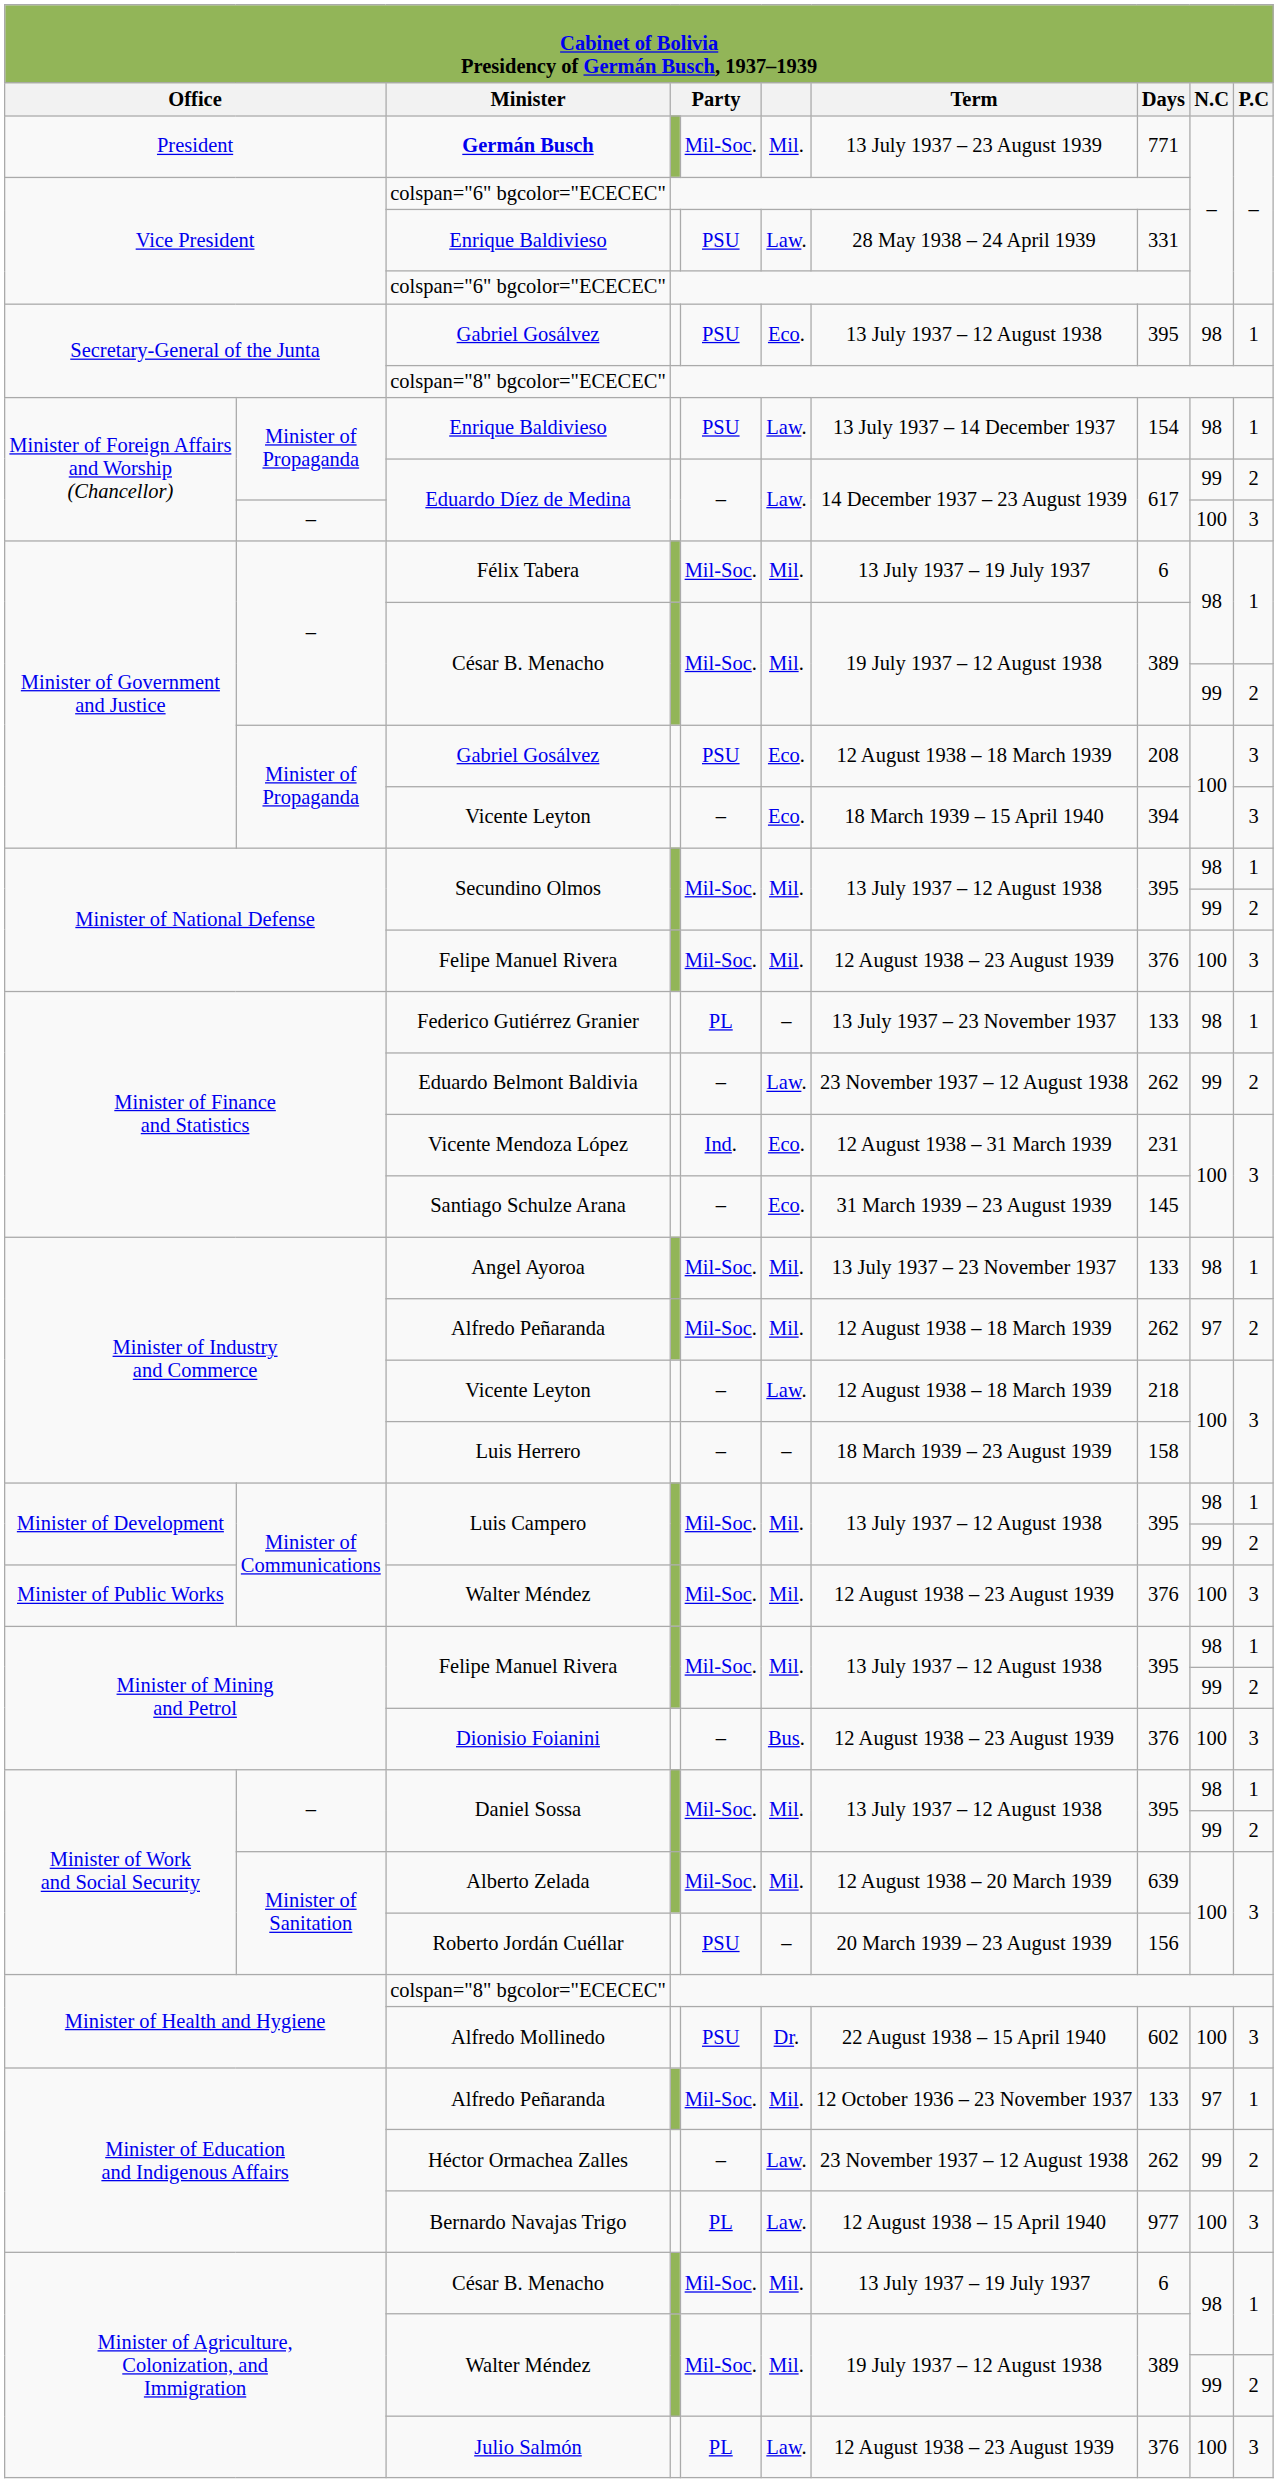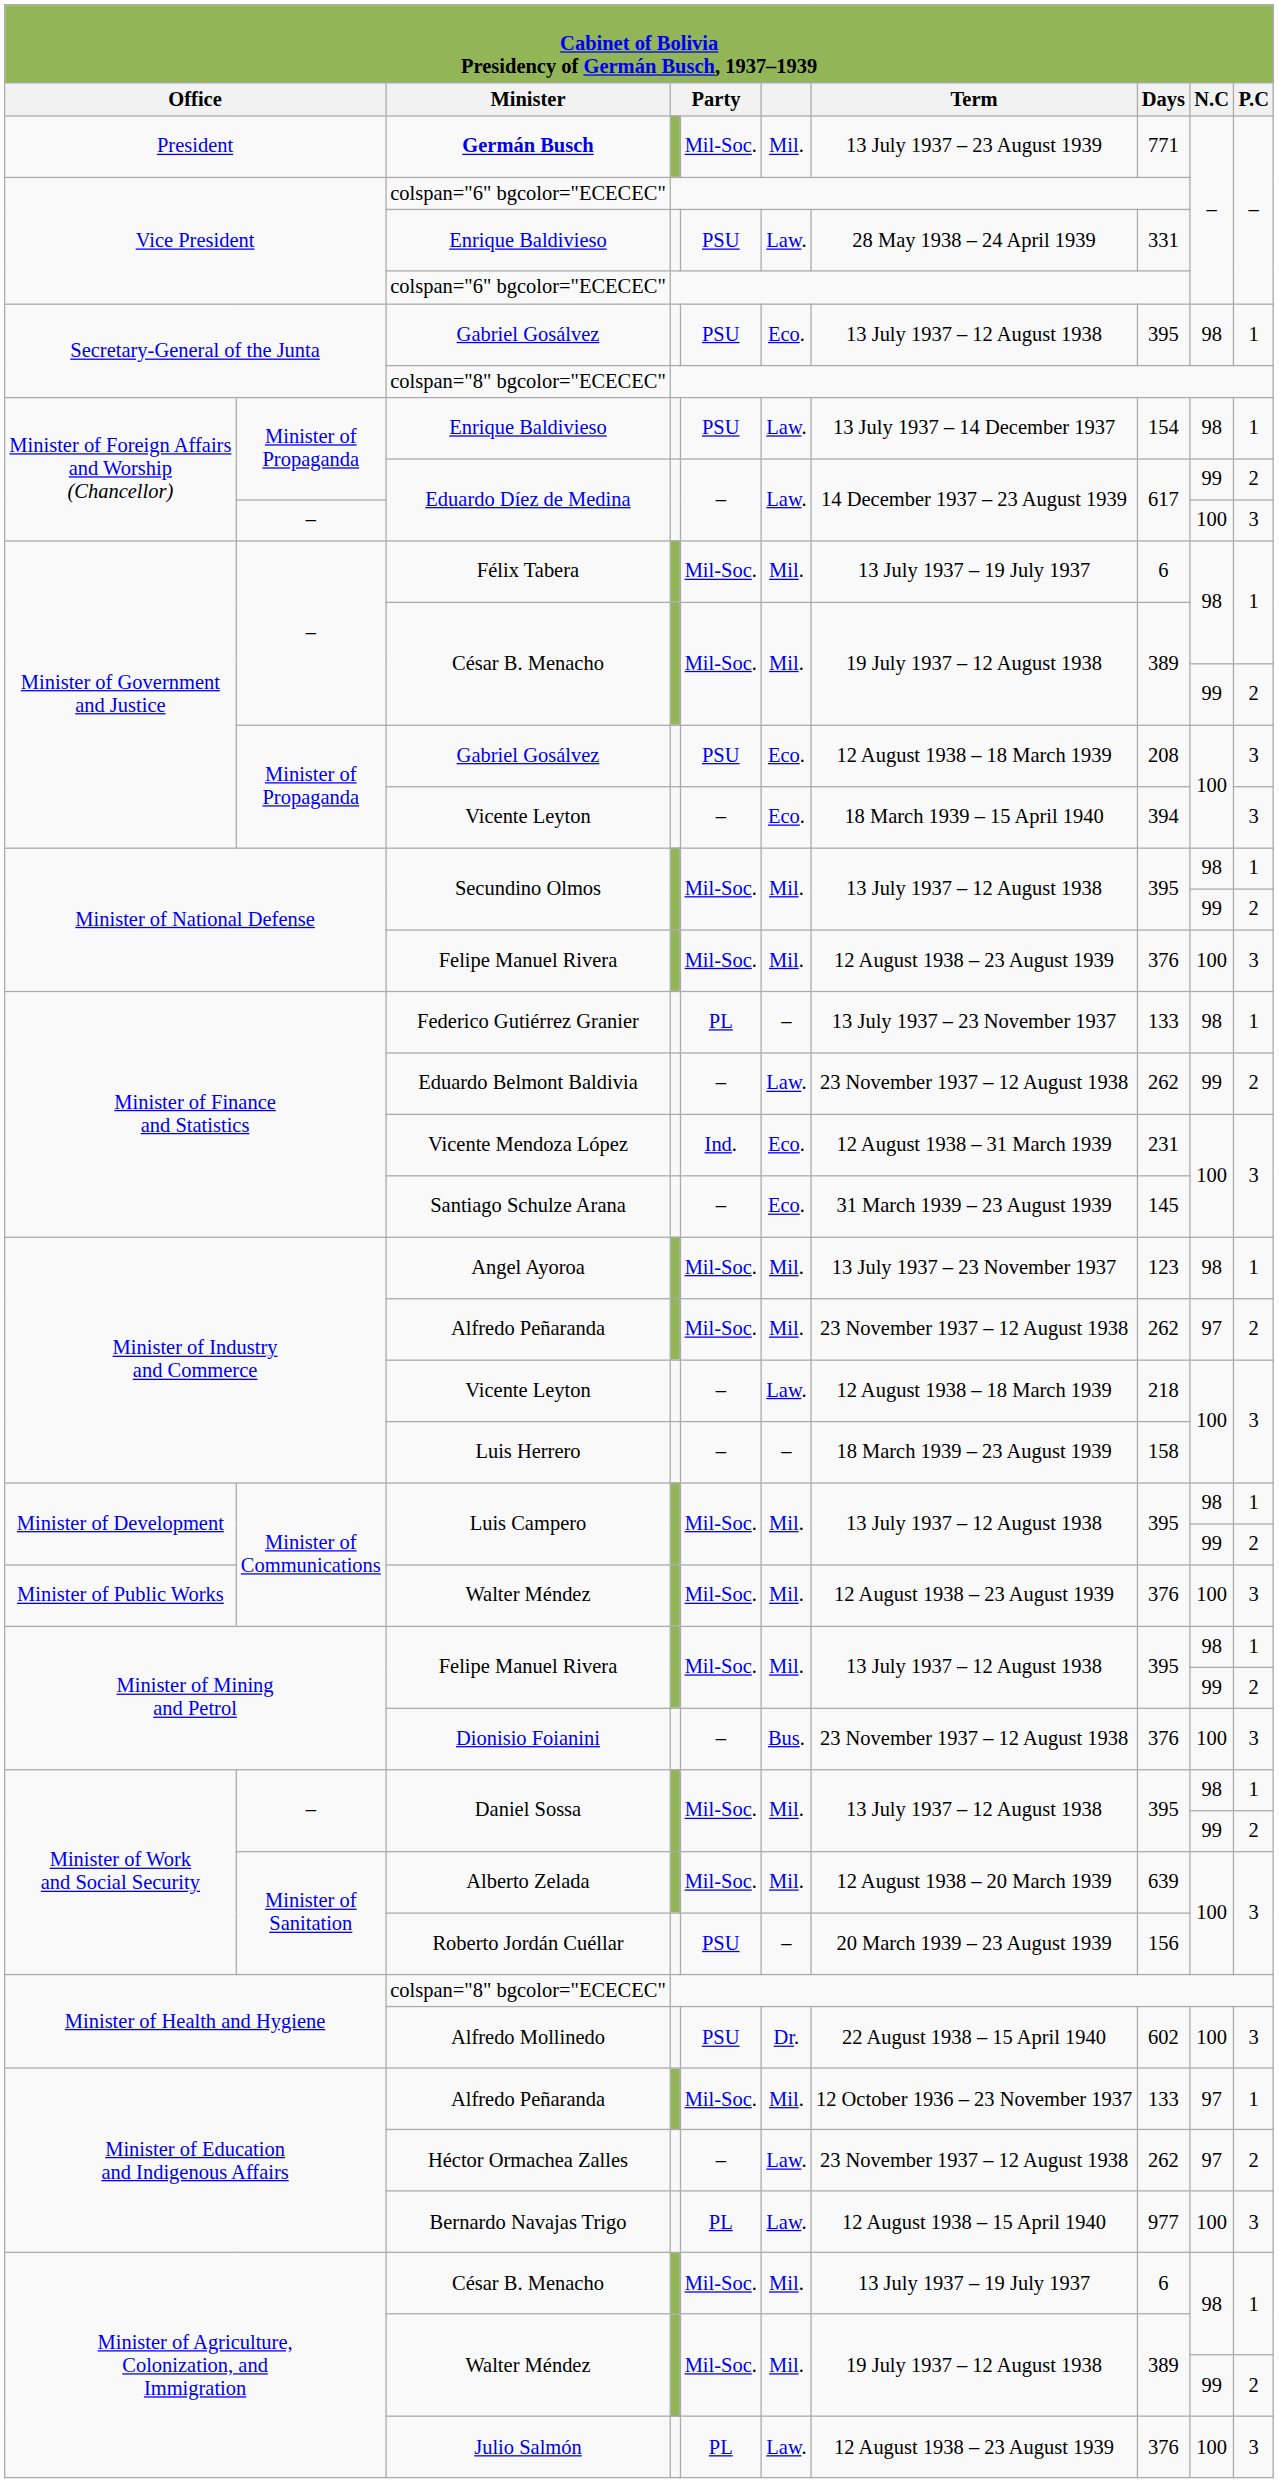 <table class="wikitable" style="text-align:center;">
 <tr>
 <th colspan="10" style="background-color:#92B558;"><br><a href='#'>Cabinet of Bolivia</a><br>Presidency of <a href='#'>Germán Busch</a>, 1937–1939</th>
 </tr>
 <tr style="font-weight:bold;">
 <th colspan="2">Office</th>
 <th>Minister</th>
 <th colspan="2">Party</th>
 <th></th>
 <th>Term</th>
 <th>Days</th>
 <th>N.C</th>
 <th>P.C<br></th>
 </tr>
 <tr style="height:3em;">
 <td colspan="2"><a href='#'>President</a></td>
 <td><strong><a href='#'>Germán Busch</a></strong></td>
 <td style="background:#92B558;"></td>
 <td><a href='#'>Mil-Soc</a>.</td>
 <td><a href='#'>Mil</a>.</td>
 <td>13 July 1937 – 23 August 1939</td>
 <td>771</td>
 <td rowspan="4">–</td>
 <td rowspan="4">–<br></td>
 </tr>
 <tr>
 <td rowspan="3" colspan="2"><a href='#'>Vice President</a></td>
 <td>colspan="6" bgcolor="ECECEC" </td>
 </tr>
 <tr style="height:3em;">
 <td><a href='#'>Enrique Baldivieso</a></td>
 <td style="background:"></td>
 <td><a href='#'>PSU</a></td>
 <td><a href='#'>Law</a>.</td>
 <td>28 May 1938 – 24 April 1939</td>
 <td>331</td>
 </tr>
 <tr>
 <td>colspan="6" bgcolor="ECECEC" <br></td>
 </tr>
 <tr style="height:3em;">
 <td colspan="2" rowspan="2"><a href='#'>Secretary-General of the Junta</a></td>
 <td><a href='#'>Gabriel Gosálvez</a></td>
 <td style="background:"></td>
 <td><a href='#'>PSU</a></td>
 <td><a href='#'>Eco</a>.</td>
 <td>13 July 1937 – 12 August 1938</td>
 <td>395</td>
 <td>98</td>
 <td>1</td>
 </tr>
 <tr>
 <td>colspan="8" bgcolor="ECECEC" <br></td>
 </tr>
 <tr style="height:3em;">
 <td rowspan="3"><a href='#'>Minister of Foreign Affairs<br>and Worship</a><br><em>(Chancellor)</em></td>
 <td rowspan="2"><a href='#'>Minister of<br>Propaganda</a></td>
 <td><a href='#'>Enrique Baldivieso</a></td>
 <td style="background:"></td>
 <td><a href='#'>PSU</a></td>
 <td><a href='#'>Law</a>.</td>
 <td>13 July 1937 – 14 December 1937</td>
 <td>154</td>
 <td>98</td>
 <td>1</td>
 </tr>
 <tr style="height:2em;">
 <td rowspan="2"><a href='#'>Eduardo Díez de Medina</a></td>
 <td rowspan="2" style="background:"></td>
 <td rowspan="2">–</td>
 <td rowspan="2"><a href='#'>Law</a>.</td>
 <td rowspan="2">14 December 1937 – 23 August 1939</td>
 <td rowspan="2">617</td>
 <td>99</td>
 <td>2</td>
 </tr>
 <tr style="height:2em;">
 <td>–</td>
 <td>100</td>
 <td>3<br></td>
 </tr>
 <tr style="height:3em;">
 <td rowspan="5"><a href='#'>Minister of Government<br>and Justice</a></td>
 <td rowspan="3">–</td>
 <td>Félix Tabera</td>
 <td style="background:#92B558;"></td>
 <td><a href='#'>Mil-Soc</a>.</td>
 <td><a href='#'>Mil</a>.</td>
 <td>13 July 1937 – 19 July 1937</td>
 <td>6</td>
 <td rowspan="2">98</td>
 <td rowspan="2">1</td>
 </tr>
 <tr style="height:3em;">
 <td rowspan="2">César B. Menacho</td>
 <td rowspan="2" style="background:#92B558;"></td>
 <td rowspan="2"><a href='#'>Mil-Soc</a>.</td>
 <td rowspan="2"><a href='#'>Mil</a>.</td>
 <td rowspan="2">19 July 1937 – 12 August 1938</td>
 <td rowspan="2">389</td>
 </tr>
 <tr style="height:3em;">
 <td>99</td>
 <td>2</td>
 </tr>
 <tr style="height:3em;">
 <td rowspan="2"><a href='#'>Minister of<br>Propaganda</a></td>
 <td><a href='#'>Gabriel Gosálvez</a></td>
 <td style="background:"></td>
 <td><a href='#'>PSU</a></td>
 <td><a href='#'>Eco</a>.</td>
 <td>12 August 1938 – 18 March 1939</td>
 <td>208</td>
 <td rowspan="2">100</td>
 <td>3</td>
 </tr>
 <tr style="height:3em;">
 <td>Vicente Leyton</td>
 <td style="background:"></td>
 <td>–</td>
 <td><a href='#'>Eco</a>.</td>
 <td>18 March 1939 – 15 April 1940</td>
 <td>394</td>
 <td>3<br></td>
 </tr>
 <tr style="height:2em;">
 <td rowspan="3" colspan="2"><a href='#'>Minister of National Defense</a></td>
 <td rowspan="2">Secundino Olmos</td>
 <td rowspan="2" style="background:#92B558;"></td>
 <td rowspan="2"><a href='#'>Mil-Soc</a>.</td>
 <td rowspan="2"><a href='#'>Mil</a>.</td>
 <td rowspan="2">13 July 1937 – 12 August 1938</td>
 <td rowspan="2">395</td>
 <td>98</td>
 <td>1</td>
 </tr>
 <tr style="height:2em;">
 <td>99</td>
 <td>2</td>
 </tr>
 <tr style="height:3em;">
 <td>Felipe Manuel Rivera</td>
 <td style="background:#92B558;"></td>
 <td><a href='#'>Mil-Soc</a>.</td>
 <td><a href='#'>Mil</a>.</td>
 <td>12 August 1938 – 23 August 1939</td>
 <td>376</td>
 <td>100</td>
 <td>3<br></td>
 </tr>
 <tr style="height:3em;">
 <td colspan="2" rowspan="4"><a href='#'>Minister of Finance<br>and Statistics</a></td>
 <td>Federico Gutiérrez Granier</td>
 <td style="background:"></td>
 <td><a href='#'>PL</a></td>
 <td>–</td>
 <td>13 July 1937 – 23 November 1937</td>
 <td>133</td>
 <td>98</td>
 <td>1</td>
 </tr>
 <tr style="height:3em;">
 <td>Eduardo Belmont Baldivia</td>
 <td style="background:"></td>
 <td>–</td>
 <td><a href='#'>Law</a>.</td>
 <td>23 November 1937 – 12 August 1938</td>
 <td>262</td>
 <td>99</td>
 <td>2</td>
 </tr>
 <tr style="height:3em;">
 <td>Vicente Mendoza López</td>
 <td style="background:"></td>
 <td><a href='#'>Ind</a>.</td>
 <td><a href='#'>Eco</a>.</td>
 <td>12 August 1938 – 31 March 1939</td>
 <td>231</td>
 <td rowspan="2">100</td>
 <td rowspan="2">3</td>
 </tr>
 <tr style="height:3em;">
 <td>Santiago Schulze Arana</td>
 <td style="background:"></td>
 <td>–</td>
 <td><a href='#'>Eco</a>.</td>
 <td>31 March 1939 – 23 August 1939</td>
 <td>145<br></td>
 </tr>
 <tr style="height:3em;">
 <td colspan="2" rowspan="4"><a href='#'>Minister of Industry<br>and Commerce</a></td>
 <td>Angel Ayoroa</td>
 <td style="background:#92B558;"></td>
 <td><a href='#'>Mil-Soc</a>.</td>
 <td><a href='#'>Mil</a>.</td>
 <td>13 July 1937 – 23 November 1937</td>
-<td>133</td>
+<td>123</td>
 <td>98</td>
 <td>1</td>
 </tr>
 <tr style="height:3em;">
 <td>Alfredo Peñaranda</td>
 <td style="background:#92B558;"></td>
 <td><a href='#'>Mil-Soc</a>.</td>
 <td><a href='#'>Mil</a>.</td>
-<td>12 August 1938 – 18 March 1939</td>
+<td>23 November 1937 – 12 August 1938</td>
 <td>262</td>
 <td>97</td>
 <td>2</td>
 </tr>
 <tr style="height:3em;">
 <td>Vicente Leyton</td>
 <td style="background:"></td>
 <td>–</td>
 <td><a href='#'>Law</a>.</td>
 <td>12 August 1938 – 18 March 1939</td>
 <td>218</td>
 <td rowspan="2">100</td>
 <td rowspan="2">3</td>
 </tr>
 <tr style="height:3em;">
 <td>Luis Herrero</td>
 <td style="background:"></td>
 <td>–</td>
 <td>–</td>
 <td>18 March 1939 – 23 August 1939</td>
 <td>158<br></td>
 </tr>
 <tr style="height:2em;">
 <td rowspan="2"><a href='#'>Minister of Development</a></td>
 <td rowspan="3"><a href='#'>Minister of<br>Communications</a></td>
 <td rowspan="2">Luis Campero</td>
 <td rowspan="2"style="background:#92B558;"></td>
 <td rowspan="2"><a href='#'>Mil-Soc</a>.</td>
 <td rowspan="2"><a href='#'>Mil</a>.</td>
 <td rowspan="2">13 July 1937 – 12 August 1938</td>
 <td rowspan="2">395</td>
 <td>98</td>
 <td>1</td>
 </tr>
 <tr style="height:2em;">
 <td>99</td>
 <td>2</td>
 </tr>
 <tr style="height:3em;">
 <td><a href='#'>Minister of Public Works</a></td>
 <td>Walter Méndez</td>
 <td style="background:#92B558;"></td>
 <td><a href='#'>Mil-Soc</a>.</td>
 <td><a href='#'>Mil</a>.</td>
 <td>12 August 1938 – 23 August 1939</td>
 <td>376</td>
 <td>100</td>
 <td>3<br></td>
 </tr>
 <tr style="height:2em;">
 <td colspan="2" rowspan="3"><a href='#'>Minister of Mining<br>and Petrol</a></td>
 <td rowspan="2">Felipe Manuel Rivera</td>
 <td rowspan="2" style="background:#92B558;"></td>
 <td rowspan="2"><a href='#'>Mil-Soc</a>.</td>
 <td rowspan="2"><a href='#'>Mil</a>.</td>
 <td rowspan="2">13 July 1937 – 12 August 1938</td>
 <td rowspan="2">395</td>
 <td>98</td>
 <td>1</td>
 </tr>
 <tr style="height:2em;">
 <td>99</td>
 <td>2</td>
 </tr>
 <tr style="height:3em;">
 <td><a href='#'>Dionisio Foianini</a></td>
 <td style="background:"></td>
 <td>–</td>
 <td><a href='#'>Bus</a>.</td>
-<td>12 August 1938 – 23 August 1939</td>
+<td>23 November 1937 – 12 August 1938</td>
 <td>376</td>
 <td>100</td>
 <td>3<br></td>
 </tr>
 <tr style="height:2em;">
 <td rowspan="4"><a href='#'>Minister of Work<br>and Social Security</a></td>
 <td rowspan="2">–</td>
 <td rowspan="2">Daniel Sossa</td>
 <td rowspan="2" style="background:#92B558;"></td>
 <td rowspan="2"><a href='#'>Mil-Soc</a>.</td>
 <td rowspan="2"><a href='#'>Mil</a>.</td>
 <td rowspan="2">13 July 1937 – 12 August 1938</td>
 <td rowspan="2">395</td>
 <td>98</td>
 <td>1</td>
 </tr>
 <tr style="height:2em;">
 <td>99</td>
 <td>2</td>
 </tr>
 <tr style="height:3em;">
 <td rowspan="2"><a href='#'>Minister of<br>Sanitation</a></td>
 <td>Alberto Zelada</td>
 <td style="background:#92B558;"></td>
 <td><a href='#'>Mil-Soc</a>.</td>
 <td><a href='#'>Mil</a>.</td>
 <td>12 August 1938 – 20 March 1939</td>
 <td>639</td>
 <td rowspan="2">100</td>
 <td rowspan="2">3</td>
 </tr>
 <tr style="height:3em;">
 <td>Roberto Jordán Cuéllar</td>
 <td style="background:"></td>
 <td><a href='#'>PSU</a></td>
 <td>–</td>
 <td>20 March 1939 – 23 August 1939</td>
 <td>156<br></td>
 </tr>
 <tr>
 <td colspan="2" rowspan="2"><a href='#'>Minister of Health and Hygiene</a></td>
 <td>colspan="8" bgcolor="ECECEC" </td>
 </tr>
 <tr style="height:3em;">
 <td>Alfredo Mollinedo</td>
 <td style="background:"></td>
 <td><a href='#'>PSU</a></td>
 <td><a href='#'>Dr</a>.</td>
 <td>22 August 1938 – 15 April 1940</td>
 <td>602</td>
 <td>100</td>
 <td>3<br></td>
 </tr>
 <tr style="height:3em;">
 <td colspan="2" rowspan="3"><a href='#'>Minister of Education<br>and Indigenous Affairs</a></td>
 <td>Alfredo Peñaranda</td>
 <td style="background:#92B558;"></td>
 <td><a href='#'>Mil-Soc</a>.</td>
 <td><a href='#'>Mil</a>.</td>
 <td>12 October 1936 – 23 November 1937</td>
 <td>133</td>
 <td>97</td>
 <td>1</td>
 </tr>
 <tr style="height:3em;">
 <td>Héctor Ormachea Zalles</td>
 <td style="background:"></td>
 <td>–</td>
 <td><a href='#'>Law</a>.</td>
 <td>23 November 1937 – 12 August 1938</td>
 <td>262</td>
-<td>99</td>
+<td>97</td>
 <td>2</td>
 </tr>
 <tr style="height:3em;">
 <td>Bernardo Navajas Trigo</td>
 <td style="background:"></td>
 <td><a href='#'>PL</a></td>
 <td><a href='#'>Law</a>.</td>
 <td>12 August 1938 – 15 April 1940</td>
 <td>977</td>
 <td>100</td>
 <td>3<br></td>
 </tr>
 <tr style="height:3em;">
 <td rowspan="4" colspan="2"><a href='#'>Minister of Agriculture,<br>Colonization, and<br>Immigration</a></td>
 <td>César B. Menacho</td>
 <td style="background:#92B558;"></td>
 <td><a href='#'>Mil-Soc</a>.</td>
 <td><a href='#'>Mil</a>.</td>
 <td>13 July 1937 – 19 July 1937</td>
 <td>6</td>
 <td rowspan="2">98</td>
 <td rowspan="2">1</td>
 </tr>
 <tr style="height:2em;">
 <td rowspan="2">Walter Méndez</td>
 <td rowspan="2" style="background:#92B558;"></td>
 <td rowspan="2"><a href='#'>Mil-Soc</a>.</td>
 <td rowspan="2"><a href='#'>Mil</a>.</td>
 <td rowspan="2">19 July 1937 – 12 August 1938</td>
 <td rowspan="2">389</td>
 </tr>
 <tr style="height:3em;">
 <td>99</td>
 <td>2</td>
 </tr>
 <tr style="height:3em;">
 <td><a href='#'>Julio Salmón</a></td>
 <td style="background:"></td>
 <td><a href='#'>PL</a></td>
 <td><a href='#'>Law</a>.</td>
 <td>12 August 1938 – 23 August 1939</td>
 <td>376</td>
 <td>100</td>
 <td>3</td>
 </tr>
 </table>
